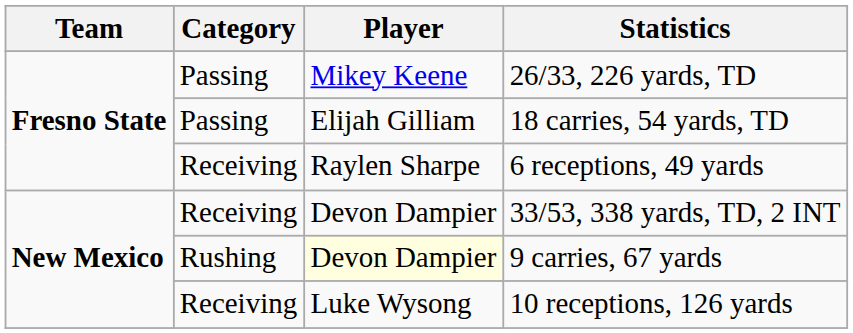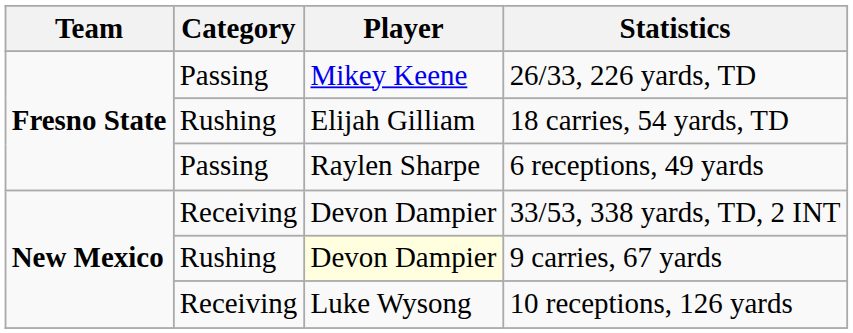 <table class="wikitable" style="float: right;">
 <tr>
 <th>Team</th>
 <th>Category</th>
 <th>Player</th>
 <th>Statistics</th>
 </tr>
 <tr>
 <td rowspan=3><strong>Fresno State</strong></td>
 <td>Passing</td>
 <td><a href='#'>Mikey Keene</a></td>
 <td>26/33, 226 yards, TD</td>
 </tr>
 <tr>
-<td>Passing</td>
+<td>Rushing</td>
 <td>Elijah Gilliam</td>
 <td>18 carries, 54 yards, TD</td>
 </tr>
 <tr>
-<td>Receiving</td>
+<td>Passing</td>
 <td>Raylen Sharpe</td>
 <td>6 receptions, 49 yards</td>
 </tr>
 <tr>
 <td rowspan=3><strong>New Mexico</strong></td>
 <td>Receiving</td>
 <td>Devon Dampier</td>
 <td>33/53, 338 yards, TD, 2 INT</td>
 </tr>
 <tr>
 <td>Rushing</td>
 <td style="background: lightyellow;">Devon Dampier</td>
 <td>9 carries, 67 yards</td>
 </tr>
 <tr>
 <td>Receiving</td>
 <td>Luke Wysong</td>
 <td>10 receptions, 126 yards</td>
 </tr>
 </table>
